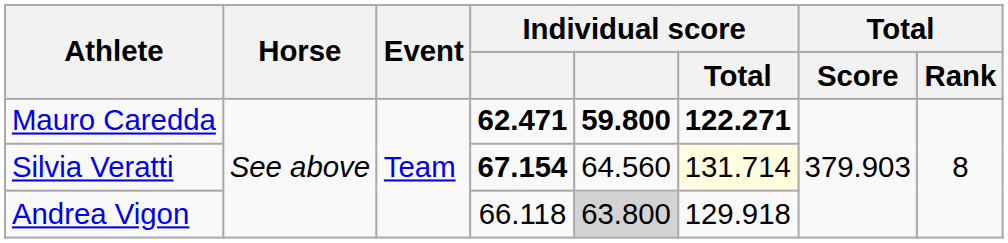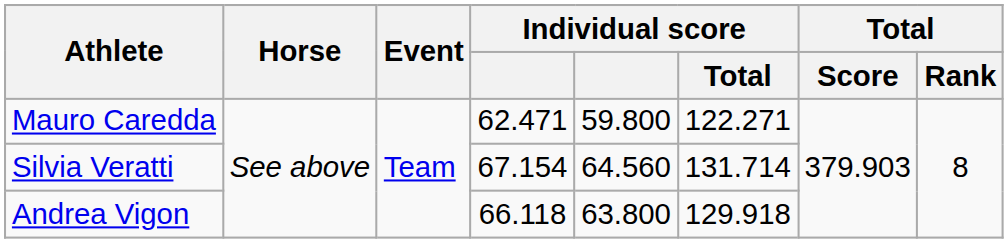 <table class=wikitable style="font-size:90%">
 <tr>
 <th rowspan="2">Athlete</th>
 <th rowspan="2">Horse</th>
 <th rowspan="2">Event</th>
 <th colspan="3">Individual score</th>
 <th colspan="2">Total</th>
 </tr>
 <tr>
 <th></th>
 <th></th>
 <th>Total</th>
 <th>Score</th>
 <th>Rank</th>
 </tr>
 <tr>
 <td><a href='#'>Mauro Caredda</a></td>
 <td rowspan=3><em>See above</em></td>
 <td rowspan=3><a href='#'>Team</a></td>
-<td align="center"><strong>62.471</strong></td>
-<td align="center"><strong>59.800</strong></td>
-<td align="center"><strong>122.271</strong></td>
+<td align="center">62.471</td>
+<td align="center">59.800</td>
+<td align="center">122.271</td>
 <td align="center" rowspan="3">379.903</td>
 <td align="center" rowspan="3">8</td>
 </tr>
 <tr>
 <td><a href='#'>Silvia Veratti</a></td>
-<td align="center"><strong>67.154</strong></td>
+<td align="center">67.154</td>
 <td align="center">64.560</td>
-<td align="center" style="background: lightyellow;">131.714</td>
+<td align="center">131.714</td>
 </tr>
 <tr>
 <td><a href='#'>Andrea Vigon</a></td>
 <td align="center">66.118</td>
-<td align="center" style="background: lightgrey;">63.800</td>
+<td align="center">63.800</td>
 <td align="center">129.918</td>
 </tr>
 </table>
